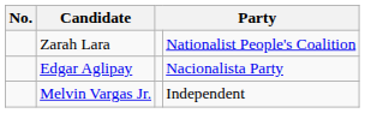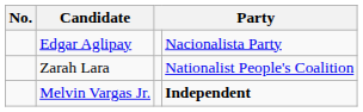 <table class="wikitable sortable" style="text-align:left;">
 <tr>
 <th>No.</th>
 <th>Candidate</th>
 <th colspan="2">Party</th>
+</tr>
+<tr>
+<td></td>
+<td><a href='#'>Edgar Aglipay</a></td>
+<td></td>
+<td><a href='#'>Nacionalista Party</a></td>
 </tr>
 <tr>
 <td></td>
 <td>Zarah Lara</td>
 <td></td>
 <td><a href='#'>Nationalist People's Coalition</a></td>
 </tr>
 <tr>
 <td></td>
-<td><a href='#'>Edgar Aglipay</a></td>
-<td></td>
-<td><a href='#'>Nacionalista Party</a></td>
-</tr>
-<tr>
-<td></td>
 <td><a href='#'>Melvin Vargas Jr.</a></td>
 <td></td>
-<td>Independent</td>
+<td><strong>Independent</strong></td>
 </tr>
 </table>
